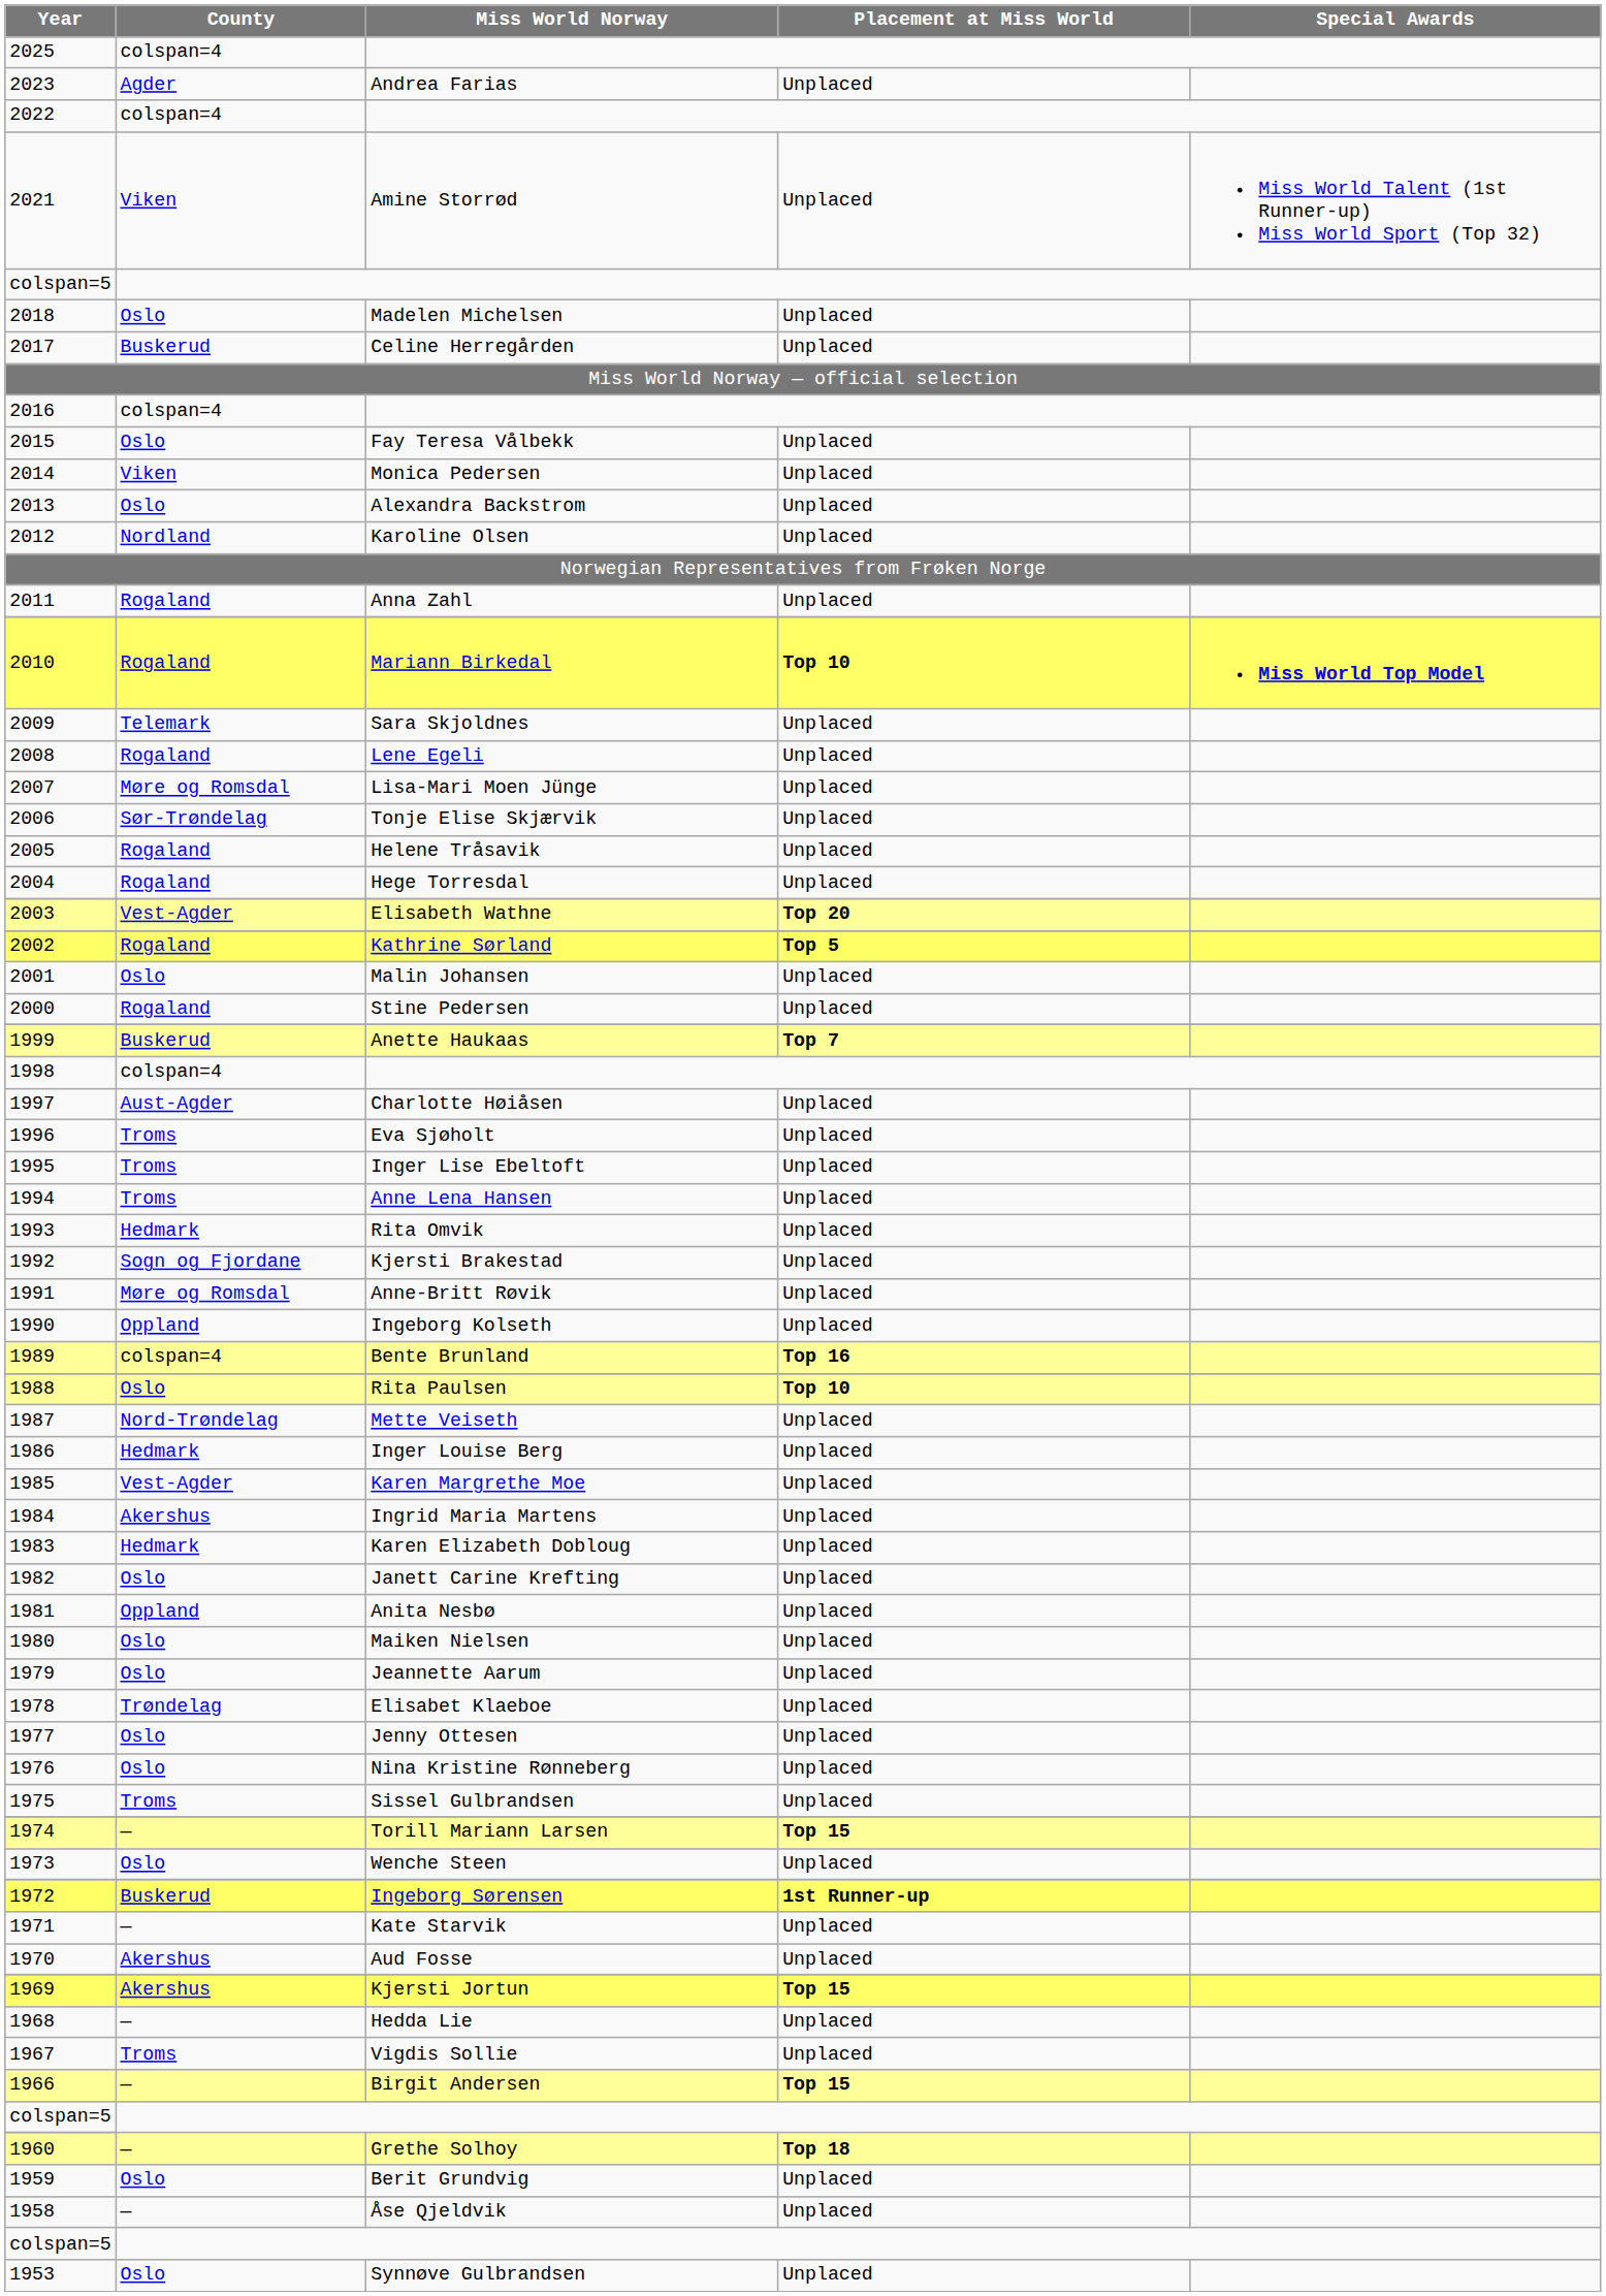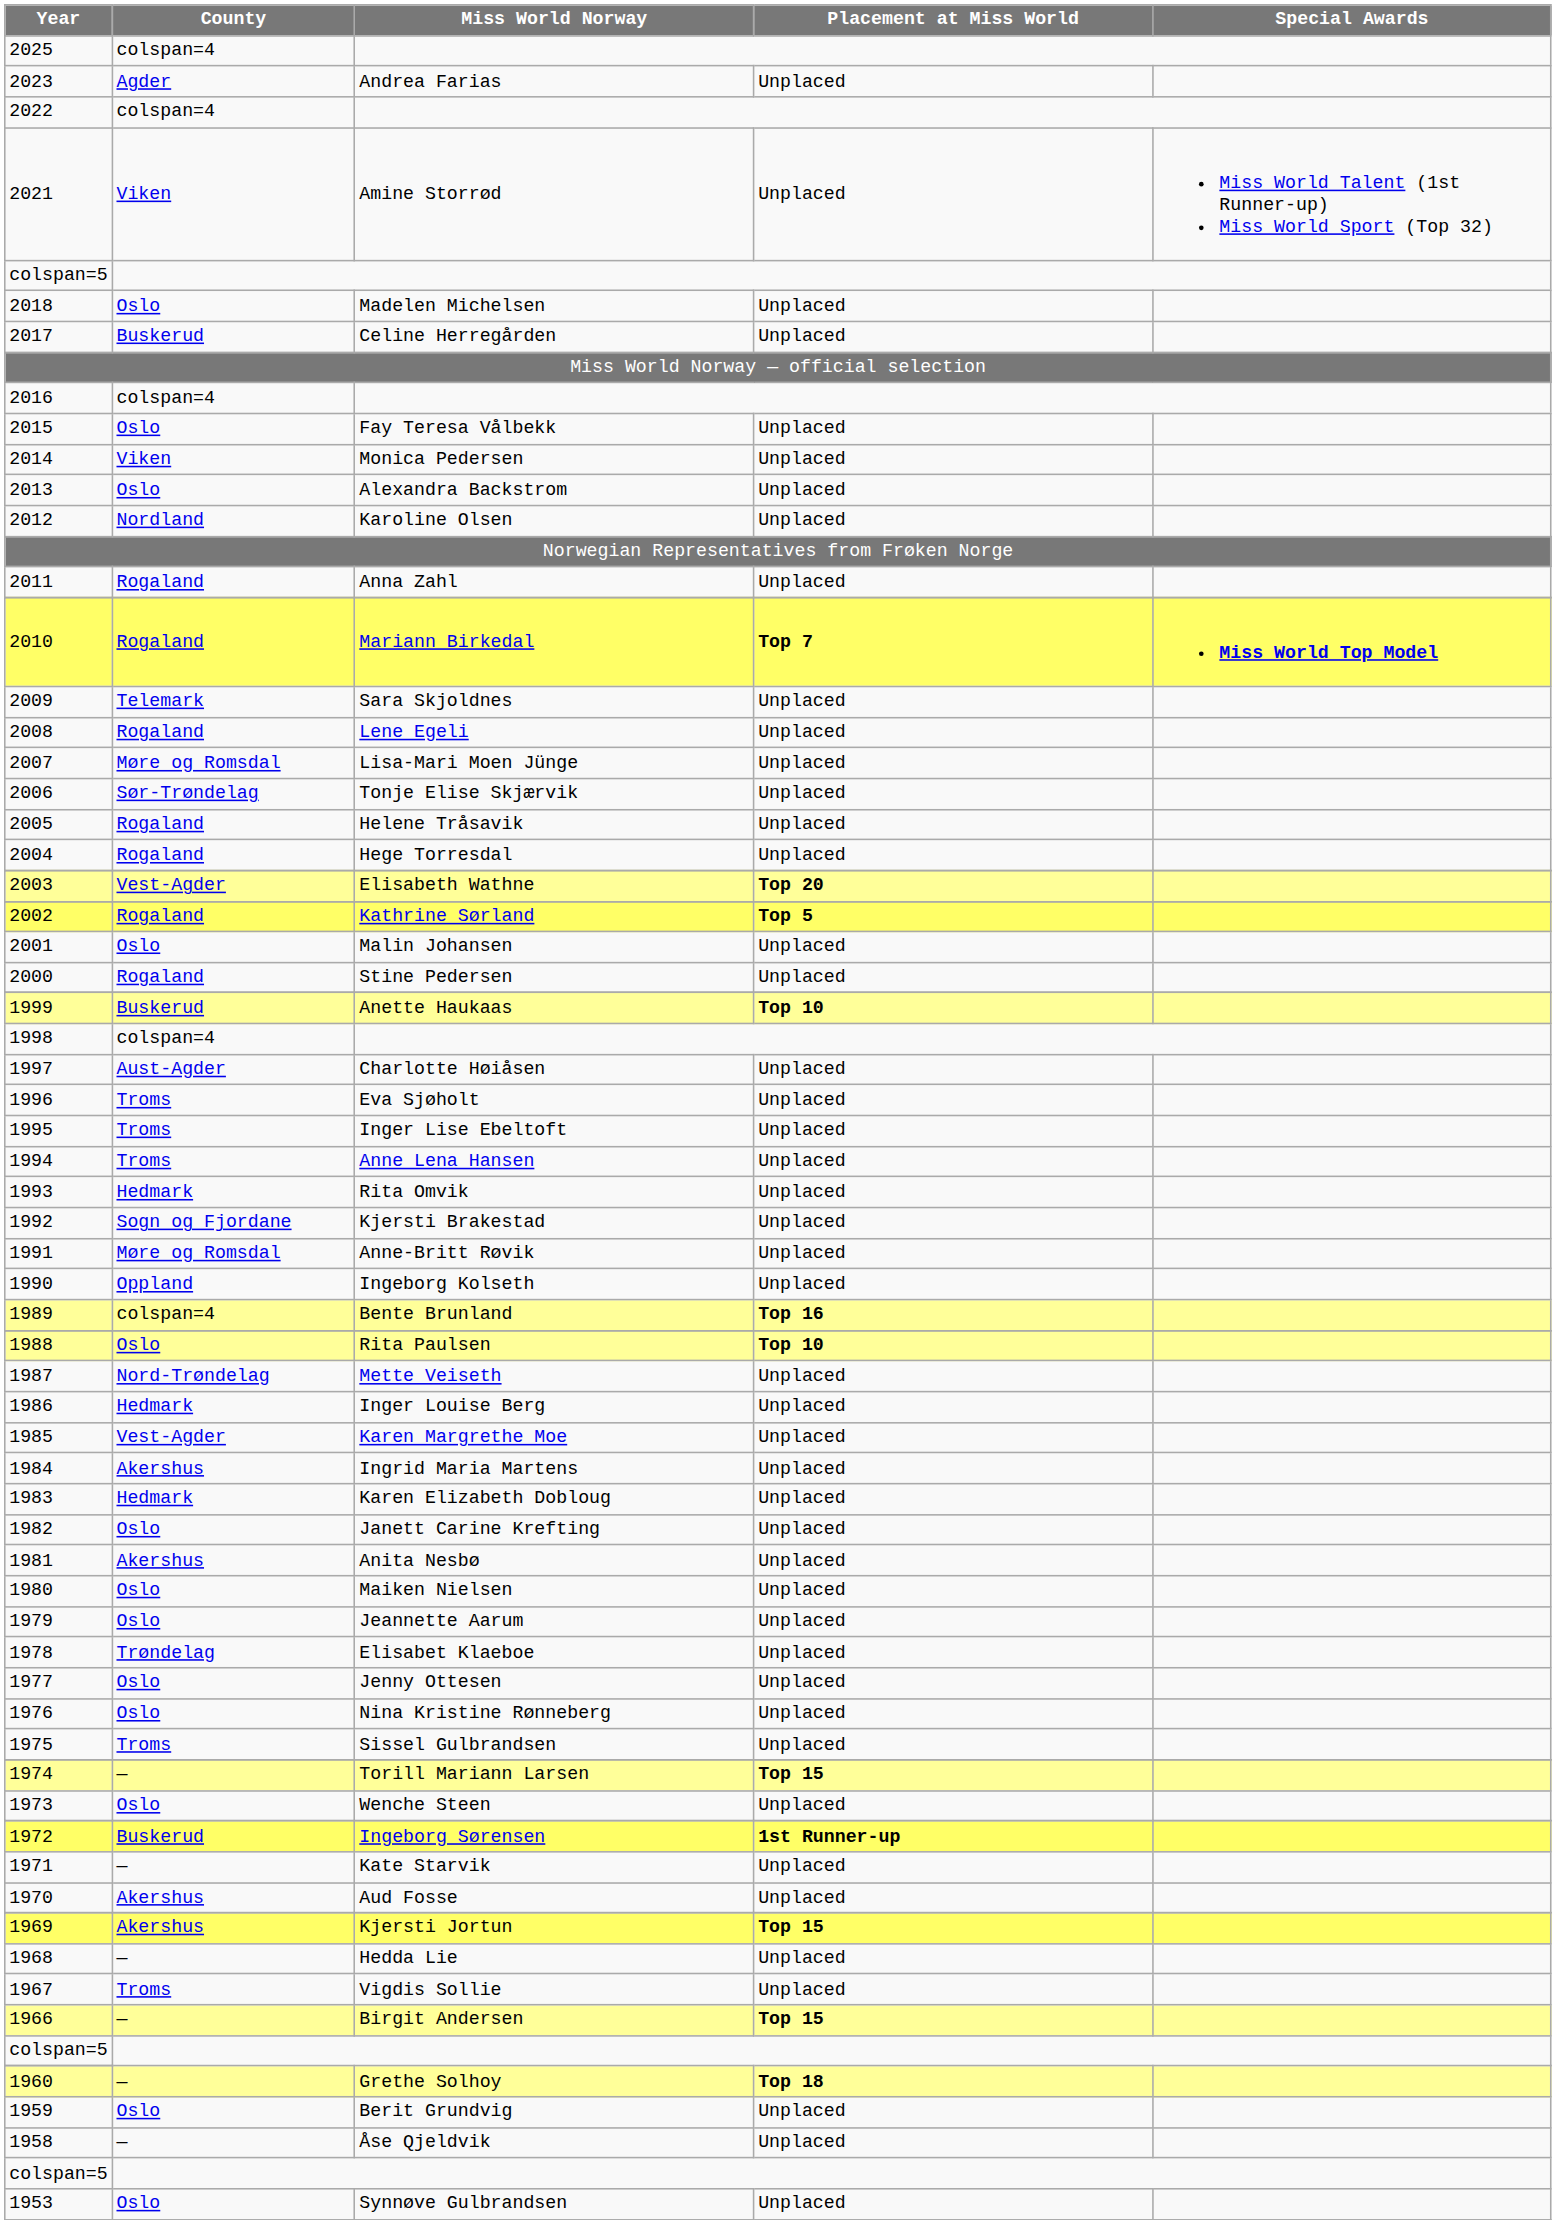 <table class="wikitable " style="font-size: 90%;">
 <tr>
 <th width="60" style="background-color:#787878;color:#FFFFFF;">Year</th>
 <th width="150" style="background-color:#787878;color:#FFFFFF;">County</th>
 <th width="250" style="background-color:#787878;color:#FFFFFF;">Miss World Norway</th>
 <th width="250" style="background-color:#787878;color:#FFFFFF;">Placement at Miss World</th>
 <th width="250" style="background-color:#787878;color:#FFFFFF;">Special Awards</th>
 </tr>
 <tr>
 <td>2025</td>
 <td>colspan=4 </td>
 </tr>
 <tr>
 <td>2023</td>
 <td><a href='#'>Agder</a></td>
 <td>Andrea Farias</td>
 <td>Unplaced</td>
 <td></td>
 </tr>
 <tr>
 <td>2022</td>
 <td>colspan=4 </td>
 </tr>
 <tr>
 <td>2021</td>
 <td><a href='#'>Viken</a></td>
 <td>Amine Storrød</td>
 <td>Unplaced</td>
 <td align="left"><br><ul><li><a href='#'>Miss World Talent</a> (1st Runner-up)</li><li><a href='#'>Miss World Sport</a> (Top 32)</li></ul></td>
 </tr>
 <tr>
 <td>colspan=5 </td>
 </tr>
 <tr>
 <td>2018</td>
 <td><a href='#'>Oslo</a></td>
 <td>Madelen Michelsen</td>
 <td>Unplaced</td>
 <td></td>
 </tr>
 <tr>
 <td>2017</td>
 <td><a href='#'>Buskerud</a></td>
 <td>Celine Herregården</td>
 <td>Unplaced</td>
 <td></td>
 </tr>
 <tr>
 </tr>
 <tr bgcolor="#787878" align="center">
 <td colspan="5" style="color:white">Miss World Norway — official selection</td>
 </tr>
 <tr>
 <td>2016</td>
 <td>colspan=4 </td>
 </tr>
 <tr>
 <td>2015</td>
 <td><a href='#'>Oslo</a></td>
 <td>Fay Teresa Vålbekk</td>
 <td>Unplaced</td>
 <td></td>
 </tr>
 <tr>
 <td>2014</td>
 <td><a href='#'>Viken</a></td>
 <td>Monica Pedersen</td>
 <td>Unplaced</td>
 <td></td>
 </tr>
 <tr>
 <td>2013</td>
 <td><a href='#'>Oslo</a></td>
 <td>Alexandra Backstrom</td>
 <td>Unplaced</td>
 <td></td>
 </tr>
 <tr>
 <td>2012</td>
 <td><a href='#'>Nordland</a></td>
 <td>Karoline Olsen</td>
 <td>Unplaced</td>
 <td></td>
 </tr>
 <tr>
 </tr>
 <tr bgcolor="#787878" align="center">
 <td colspan="5" style="color:white" >Norwegian Representatives from Frøken Norge</td>
 </tr>
 <tr>
 <td>2011</td>
 <td><a href='#'>Rogaland</a></td>
 <td>Anna Zahl</td>
 <td>Unplaced</td>
 <td></td>
 </tr>
 <tr>
 </tr>
 <tr style="background-color:#FFFF66;">
 <td>2010</td>
 <td><a href='#'>Rogaland</a></td>
 <td><a href='#'>Mariann Birkedal</a></td>
-<td><strong>Top 10</strong></td>
+<td><strong>Top 7</strong></td>
 <td align="left"><br><ul><li><strong><a href='#'>Miss World Top Model</a></strong></li></ul></td>
 </tr>
 <tr>
 <td>2009</td>
 <td><a href='#'>Telemark</a></td>
 <td>Sara Skjoldnes</td>
 <td>Unplaced</td>
 <td></td>
 </tr>
 <tr>
 <td>2008</td>
 <td><a href='#'>Rogaland</a></td>
 <td><a href='#'>Lene Egeli</a></td>
 <td>Unplaced</td>
 <td></td>
 </tr>
 <tr>
 <td>2007</td>
 <td><a href='#'>Møre og Romsdal</a></td>
 <td>Lisa-Mari Moen Jünge</td>
 <td>Unplaced</td>
 <td></td>
 </tr>
 <tr>
 <td>2006</td>
 <td><a href='#'>Sør-Trøndelag</a></td>
 <td>Tonje Elise Skjærvik</td>
 <td>Unplaced</td>
 <td></td>
 </tr>
 <tr>
 <td>2005</td>
 <td><a href='#'>Rogaland</a></td>
 <td>Helene Tråsavik</td>
 <td>Unplaced</td>
 <td></td>
 </tr>
 <tr>
 <td>2004</td>
 <td><a href='#'>Rogaland</a></td>
 <td>Hege Torresdal</td>
 <td>Unplaced</td>
 <td></td>
 </tr>
 <tr>
 </tr>
 <tr style="background-color:#FFFF99;">
 <td>2003</td>
 <td><a href='#'>Vest-Agder</a></td>
 <td>Elisabeth Wathne</td>
 <td><strong>Top 20</strong></td>
 <td></td>
 </tr>
 <tr>
 </tr>
 <tr style="background-color:#FFFF66;">
 <td>2002</td>
 <td><a href='#'>Rogaland</a></td>
 <td><a href='#'>Kathrine Sørland</a></td>
 <td><strong>Top 5</strong></td>
 <td></td>
 </tr>
 <tr>
 <td>2001</td>
 <td><a href='#'>Oslo</a></td>
 <td>Malin Johansen</td>
 <td>Unplaced</td>
 <td></td>
 </tr>
 <tr>
 <td>2000</td>
 <td><a href='#'>Rogaland</a></td>
 <td>Stine Pedersen</td>
 <td>Unplaced</td>
 <td></td>
 </tr>
 <tr>
 </tr>
 <tr style="background-color:#FFFF99;">
 <td>1999</td>
 <td><a href='#'>Buskerud</a></td>
 <td>Anette Haukaas</td>
-<td><strong>Top 7</strong></td>
+<td><strong>Top 10</strong></td>
 <td></td>
 </tr>
 <tr>
 <td>1998</td>
 <td>colspan=4 </td>
 </tr>
 <tr>
 <td>1997</td>
 <td><a href='#'>Aust-Agder</a></td>
 <td>Charlotte Høiåsen</td>
 <td>Unplaced</td>
 <td></td>
 </tr>
 <tr>
 <td>1996</td>
 <td><a href='#'>Troms</a></td>
 <td>Eva Sjøholt</td>
 <td>Unplaced</td>
 <td></td>
 </tr>
 <tr>
 <td>1995</td>
 <td><a href='#'>Troms</a></td>
 <td>Inger Lise Ebeltoft</td>
 <td>Unplaced</td>
 <td></td>
 </tr>
 <tr>
 <td>1994</td>
 <td><a href='#'>Troms</a></td>
 <td><a href='#'>Anne Lena Hansen</a></td>
 <td>Unplaced</td>
 <td></td>
 </tr>
 <tr>
 <td>1993</td>
 <td><a href='#'>Hedmark</a></td>
 <td>Rita Omvik</td>
 <td>Unplaced</td>
 <td></td>
 </tr>
 <tr>
 <td>1992</td>
 <td><a href='#'>Sogn og Fjordane</a></td>
 <td>Kjersti Brakestad</td>
 <td>Unplaced</td>
 <td></td>
 </tr>
 <tr>
 <td>1991</td>
 <td><a href='#'>Møre og Romsdal</a></td>
 <td>Anne-Britt Røvik</td>
 <td>Unplaced</td>
 <td></td>
 </tr>
 <tr>
 <td>1990</td>
 <td><a href='#'>Oppland</a></td>
 <td>Ingeborg Kolseth</td>
 <td>Unplaced</td>
 <td></td>
 </tr>
 <tr style="background-color:#FFFF99;">
 <td>1989</td>
 <td>colspan=4 </td>
 <td>Bente Brunland</td>
 <td><strong>Top 16</strong></td>
 <td></td>
 </tr>
 <tr>
 </tr>
 <tr style="background-color:#FFFF99;">
 <td>1988</td>
 <td><a href='#'>Oslo</a></td>
 <td>Rita Paulsen</td>
 <td><strong>Top 10</strong></td>
 <td></td>
 </tr>
 <tr>
 <td>1987</td>
 <td><a href='#'>Nord-Trøndelag</a></td>
 <td><a href='#'>Mette Veiseth</a></td>
 <td>Unplaced</td>
 <td></td>
 </tr>
 <tr>
 <td>1986</td>
 <td><a href='#'>Hedmark</a></td>
 <td>Inger Louise Berg</td>
 <td>Unplaced</td>
 <td></td>
 </tr>
 <tr>
 <td>1985</td>
 <td><a href='#'>Vest-Agder</a></td>
 <td><a href='#'>Karen Margrethe Moe</a></td>
 <td>Unplaced</td>
 <td></td>
 </tr>
 <tr>
 <td>1984</td>
 <td><a href='#'>Akershus</a></td>
 <td>Ingrid Maria Martens</td>
 <td>Unplaced</td>
 <td></td>
 </tr>
 <tr>
 <td>1983</td>
 <td><a href='#'>Hedmark</a></td>
 <td>Karen Elizabeth Dobloug</td>
 <td>Unplaced</td>
 <td></td>
 </tr>
 <tr>
 <td>1982</td>
 <td><a href='#'>Oslo</a></td>
 <td>Janett Carine Krefting</td>
 <td>Unplaced</td>
 <td></td>
 </tr>
 <tr>
 <td>1981</td>
-<td><a href='#'>Oppland</a></td>
+<td><a href='#'>Akershus</a></td>
 <td>Anita Nesbø</td>
 <td>Unplaced</td>
 <td></td>
 </tr>
 <tr>
 <td>1980</td>
 <td><a href='#'>Oslo</a></td>
 <td>Maiken Nielsen</td>
 <td>Unplaced</td>
 <td></td>
 </tr>
 <tr>
 <td>1979</td>
 <td><a href='#'>Oslo</a></td>
 <td>Jeannette Aarum</td>
 <td>Unplaced</td>
 <td></td>
 </tr>
 <tr>
 <td>1978</td>
 <td><a href='#'>Trøndelag</a></td>
 <td>Elisabet Klaeboe</td>
 <td>Unplaced</td>
 <td></td>
 </tr>
 <tr>
 <td>1977</td>
 <td><a href='#'>Oslo</a></td>
 <td>Jenny Ottesen</td>
 <td>Unplaced</td>
 <td></td>
 </tr>
 <tr>
 <td>1976</td>
 <td><a href='#'>Oslo</a></td>
 <td>Nina Kristine Rønneberg</td>
 <td>Unplaced</td>
 <td></td>
 </tr>
 <tr>
 <td>1975</td>
 <td><a href='#'>Troms</a></td>
 <td>Sissel Gulbrandsen</td>
 <td>Unplaced</td>
 <td></td>
 </tr>
 <tr>
 </tr>
 <tr style="background-color:#FFFF99;">
 <td>1974</td>
 <td>—</td>
 <td>Torill Mariann Larsen</td>
 <td><strong>Top 15</strong></td>
 <td></td>
 </tr>
 <tr>
 <td>1973</td>
 <td><a href='#'>Oslo</a></td>
 <td>Wenche Steen</td>
 <td>Unplaced</td>
 <td></td>
 </tr>
 <tr>
 </tr>
 <tr style="background-color:#FFFF66;">
 <td>1972</td>
 <td><a href='#'>Buskerud</a></td>
 <td><a href='#'>Ingeborg Sørensen</a></td>
 <td><strong>1st Runner-up</strong></td>
 <td></td>
 </tr>
 <tr>
 <td>1971</td>
 <td>—</td>
 <td>Kate Starvik</td>
 <td>Unplaced</td>
 <td></td>
 </tr>
 <tr>
 <td>1970</td>
 <td><a href='#'>Akershus</a></td>
 <td>Aud Fosse</td>
 <td>Unplaced</td>
 <td></td>
 </tr>
 <tr>
 </tr>
 <tr style="background-color:#FFFF66;">
 <td>1969</td>
 <td><a href='#'>Akershus</a></td>
 <td>Kjersti Jortun</td>
 <td><strong>Top 15</strong></td>
 <td></td>
 </tr>
 <tr>
 <td>1968</td>
 <td>—</td>
 <td>Hedda Lie</td>
 <td>Unplaced</td>
 <td></td>
 </tr>
 <tr>
 <td>1967</td>
 <td><a href='#'>Troms</a></td>
 <td>Vigdis Sollie</td>
 <td>Unplaced</td>
 <td></td>
 </tr>
 <tr style="background-color:#FFFF99;">
 <td>1966</td>
 <td>—</td>
 <td>Birgit Andersen</td>
 <td><strong>Top 15</strong></td>
 <td></td>
 </tr>
 <tr>
 <td>colspan=5 </td>
 </tr>
 <tr>
 </tr>
 <tr style="background-color:#FFFF99;">
 <td>1960</td>
 <td>—</td>
 <td>Grethe Solhoy</td>
 <td><strong>Top 18</strong></td>
 <td></td>
 </tr>
 <tr>
 <td>1959</td>
 <td><a href='#'>Oslo</a></td>
 <td>Berit Grundvig</td>
 <td>Unplaced</td>
 <td></td>
 </tr>
 <tr>
 <td>1958</td>
 <td>—</td>
 <td>Åse Qjeldvik</td>
 <td>Unplaced</td>
 <td></td>
 </tr>
 <tr>
 <td>colspan=5 </td>
 </tr>
 <tr>
 <td>1953</td>
 <td><a href='#'>Oslo</a></td>
 <td>Synnøve Gulbrandsen</td>
 <td>Unplaced</td>
 <td></td>
 </tr>
 <tr>
 </tr>
 </table>
